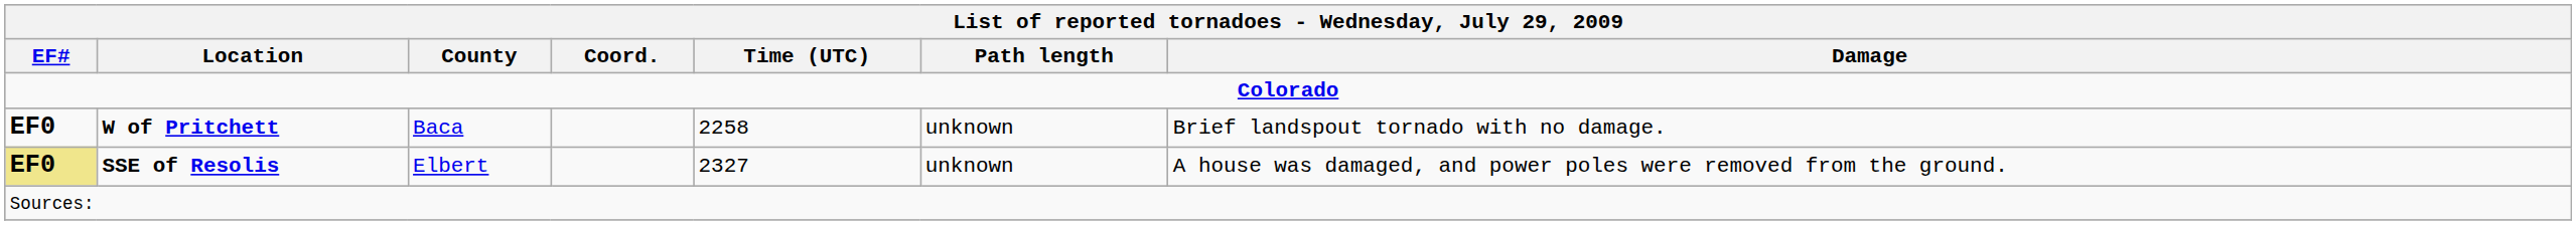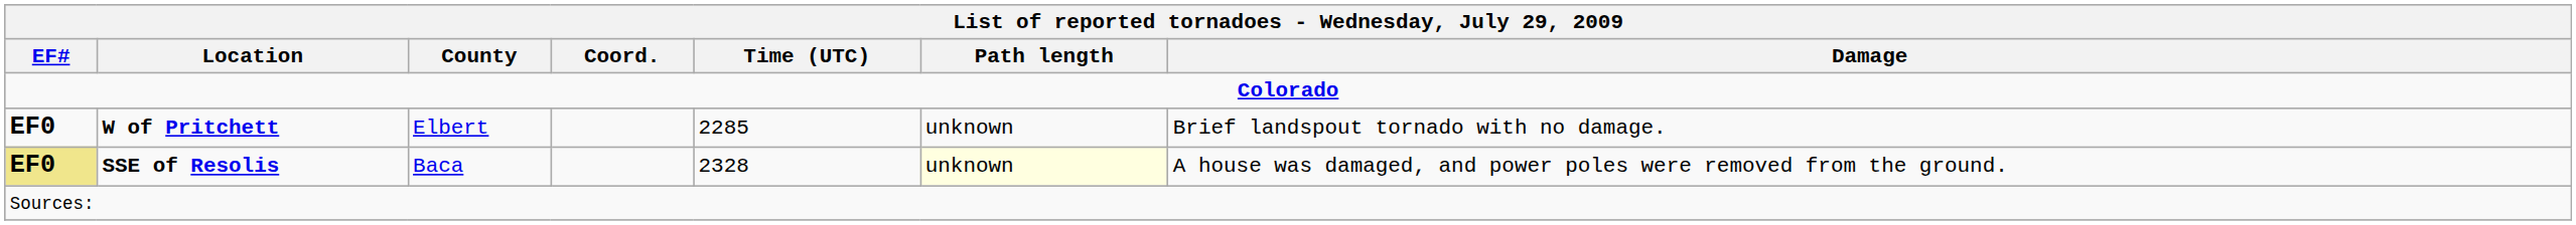 <table class="wikitable collapsible" style="width:100%;">
 <tr>
 <th colspan="7">List of reported tornadoes - Wednesday, July 29, 2009</th>
 </tr>
 <tr>
 <th><a href='#'>EF#</a></th>
 <th>Location</th>
 <th>County</th>
 <th>Coord.</th>
 <th>Time (UTC)</th>
 <th>Path length</th>
 <th>Damage</th>
 </tr>
 <tr>
 <td colspan="7" style="text-align:center;"><strong><a href='#'>Colorado</a></strong></td>
 </tr>
 <tr>
 <td><big><strong>EF0</strong></big></td>
 <td><strong>W of <a href='#'>Pritchett</a></strong></td>
-<td><a href='#'>Baca</a></td>
+<td><a href='#'>Elbert</a></td>
 <td></td>
-<td>2258</td>
+<td>2285</td>
 <td>unknown</td>
 <td>Brief landspout tornado with no damage.</td>
 </tr>
 <tr>
 <td style="background: khaki;"><big><strong>EF0</strong></big></td>
 <td><strong>SSE of <a href='#'>Resolis</a></strong></td>
-<td><a href='#'>Elbert</a></td>
+<td><a href='#'>Baca</a></td>
 <td></td>
-<td>2327</td>
-<td>unknown</td>
+<td>2328</td>
+<td style="background: lightyellow;">unknown</td>
 <td>A house was damaged, and power poles were removed from the ground.</td>
 </tr>
 <tr>
 <td colspan="7"><small>Sources: </small></td>
 </tr>
 </table>
